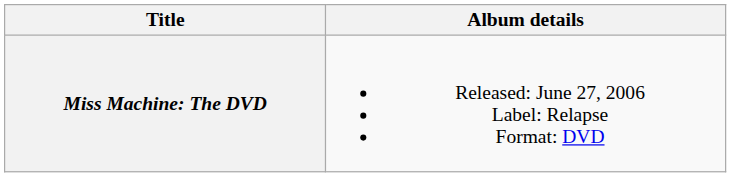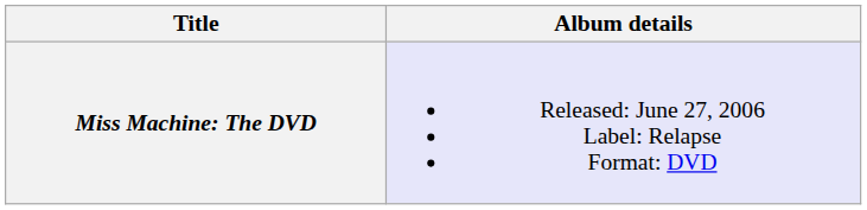 <table class="wikitable plainrowheaders" style="text-align:center;">
 <tr>
 <th scope="col" style="width:16em;">Title</th>
 <th scope="col" style="width:20em;">Album details</th>
 </tr>
 <tr>
 <th scope="row"><em>Miss Machine: The DVD</em></th>
-<td><br><ul><li>Released: June 27, 2006</li><li>Label: Relapse</li><li>Format: <a href='#'>DVD</a></li></ul></td>
+<td style="background: lavender;"><br><ul><li>Released: June 27, 2006</li><li>Label: Relapse</li><li>Format: <a href='#'>DVD</a></li></ul></td>
 </tr>
 </table>
